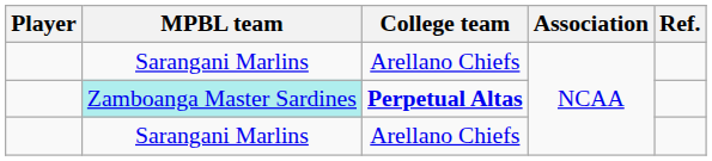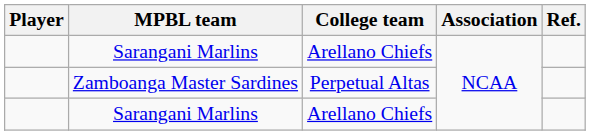 <table class="wikitable sortable" style="text-align:center">
 <tr>
 <th>Player</th>
 <th>MPBL team</th>
 <th>College team</th>
 <th>Association</th>
 <th class="unsortable">Ref.</th>
 </tr>
 <tr>
 <td align="left"></td>
 <td><a href='#'>Sarangani Marlins</a></td>
 <td><a href='#'>Arellano Chiefs</a></td>
 <td rowspan="3"><a href='#'>NCAA</a></td>
 <td></td>
 </tr>
 <tr>
 <td align=left></td>
-<td style="background: paleturquoise;"><a href='#'>Zamboanga Master Sardines</a></td>
-<td><strong><a href='#'>Perpetual Altas</a></strong></td>
+<td><a href='#'>Zamboanga Master Sardines</a></td>
+<td><a href='#'>Perpetual Altas</a></td>
 <td></td>
 </tr>
 <tr>
 <td align=left></td>
 <td><a href='#'>Sarangani Marlins</a></td>
 <td><a href='#'>Arellano Chiefs</a></td>
 <td></td>
 </tr>
 </table>
